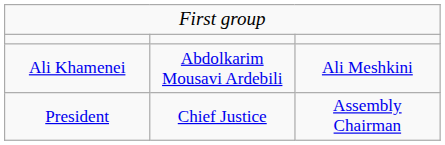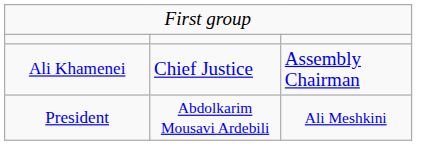 <table class="wikitable">
 <tr>
 <td colspan="8" style="text-align:center; font-size:100%;"><em>First group</em></td>
 </tr>
 <tr>
 <td></td>
 <td></td>
 <td></td>
 </tr>
 <tr>
 <td style="text-align:center; width:8em; font-size:90%;"><a href='#'>Ali Khamenei</a></td>
+<td><a href='#'>Chief Justice</a></td>
+<td><a href='#'>Assembly Chairman</a></td>
+</tr>
+<tr style="text-align:center; font-size:90%">
+<td><a href='#'>President</a></td>
 <td style="text-align:center; width:8em; font-size:90%;"><a href='#'>Abdolkarim Mousavi Ardebili</a></td>
 <td style="text-align:center; width:8em; font-size:90%;"><a href='#'>Ali Meshkini</a></td>
 </tr>
-<tr style="text-align:center; font-size:90%">
-<td><a href='#'>President</a></td>
-<td><a href='#'>Chief Justice</a></td>
-<td><a href='#'>Assembly Chairman</a></td>
-</tr>
 </table>
